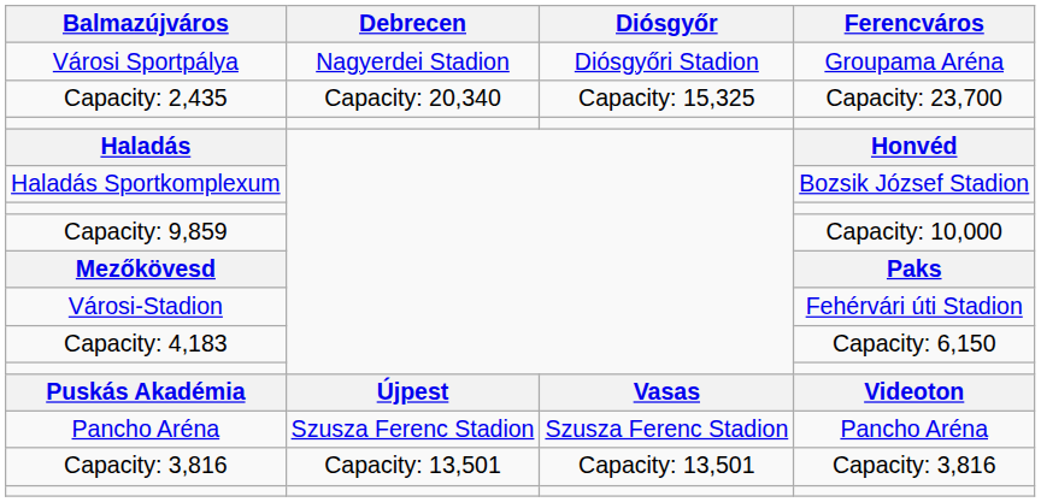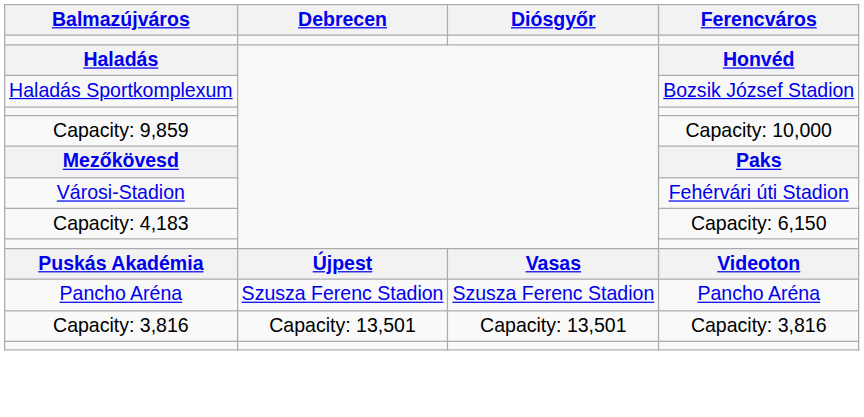 <table class="wikitable" style="text-align:center;">
 <tr>
 <th><a href='#'>Balmazújváros</a></th>
 <th><a href='#'>Debrecen</a></th>
 <th><a href='#'>Diósgyőr</a></th>
 <th><a href='#'>Ferencváros</a></th>
-</tr>
-<tr>
-<td><a href='#'>Városi Sportpálya</a></td>
-<td><a href='#'>Nagyerdei Stadion</a></td>
-<td><a href='#'>Diósgyőri Stadion</a></td>
-<td><a href='#'>Groupama Aréna</a></td>
-</tr>
-<tr>
-<td>Capacity: 2,435</td>
-<td>Capacity: 20,340</td>
-<td>Capacity: 15,325</td>
-<td>Capacity: 23,700</td>
 </tr>
 <tr>
 <td></td>
 <td></td>
 <td></td>
 <td></td>
 </tr>
 <tr>
 <th><a href='#'>Haladás</a></th>
 <td colspan="2" rowspan="8"><br> </td>
 <th><a href='#'>Honvéd</a></th>
 </tr>
 <tr>
 <td><a href='#'>Haladás Sportkomplexum</a></td>
 <td><a href='#'>Bozsik József Stadion</a></td>
 </tr>
 <tr>
 <td></td>
 <td></td>
 </tr>
 <tr>
 <td>Capacity: 9,859</td>
 <td>Capacity: 10,000</td>
 </tr>
 <tr>
 <th><a href='#'>Mezőkövesd</a></th>
 <th><a href='#'>Paks</a></th>
 </tr>
 <tr>
 <td><a href='#'>Városi-Stadion</a></td>
 <td><a href='#'>Fehérvári úti Stadion</a></td>
 </tr>
 <tr>
 <td>Capacity: 4,183</td>
 <td>Capacity: 6,150</td>
 </tr>
 <tr>
 <td></td>
 <td></td>
 </tr>
 <tr>
 <th><a href='#'>Puskás Akadémia</a></th>
 <th><a href='#'>Újpest</a></th>
 <th><a href='#'>Vasas</a></th>
 <th><a href='#'>Videoton</a></th>
 </tr>
 <tr>
 <td><a href='#'>Pancho Aréna</a></td>
 <td><a href='#'>Szusza Ferenc Stadion</a></td>
 <td><a href='#'>Szusza Ferenc Stadion</a></td>
 <td><a href='#'>Pancho Aréna</a></td>
 </tr>
 <tr>
 <td>Capacity: 3,816</td>
 <td>Capacity: 13,501</td>
 <td>Capacity: 13,501</td>
 <td>Capacity: 3,816</td>
 </tr>
 <tr>
 <td></td>
 <td></td>
 <td></td>
 <td></td>
 </tr>
 </table>
